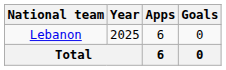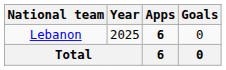 <table class="wikitable" style="text-align:center">
 <tr>
 <th>National team</th>
 <th>Year</th>
 <th>Apps</th>
 <th>Goals</th>
 </tr>
 <tr>
 <td rowspan="1"><a href='#'>Lebanon</a></td>
 <td>2025</td>
-<td>6</td>
+<td><strong>6</strong></td>
 <td>0</td>
 </tr>
 <tr>
 <th colspan="2">Total</th>
 <th>6</th>
 <th>0</th>
 </tr>
 </table>
